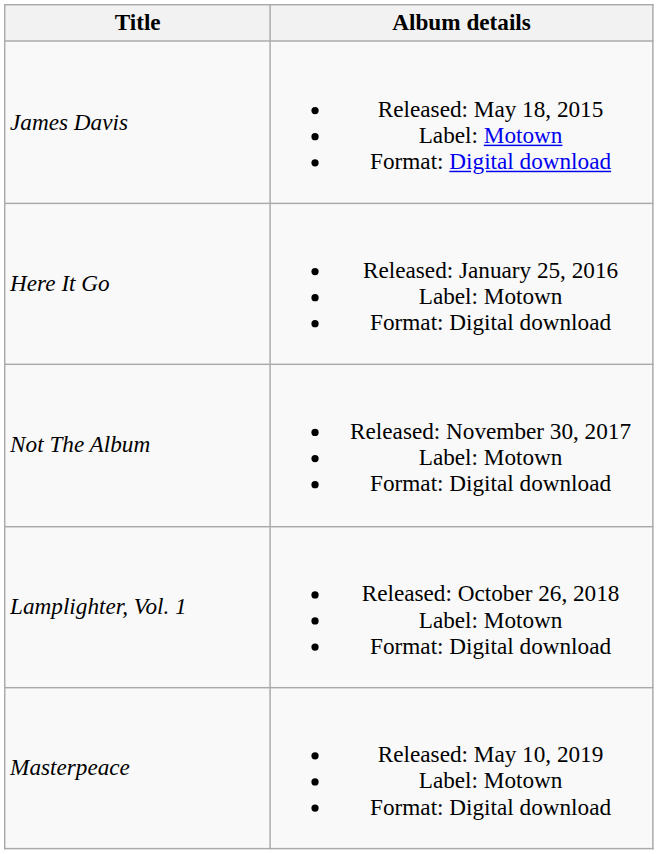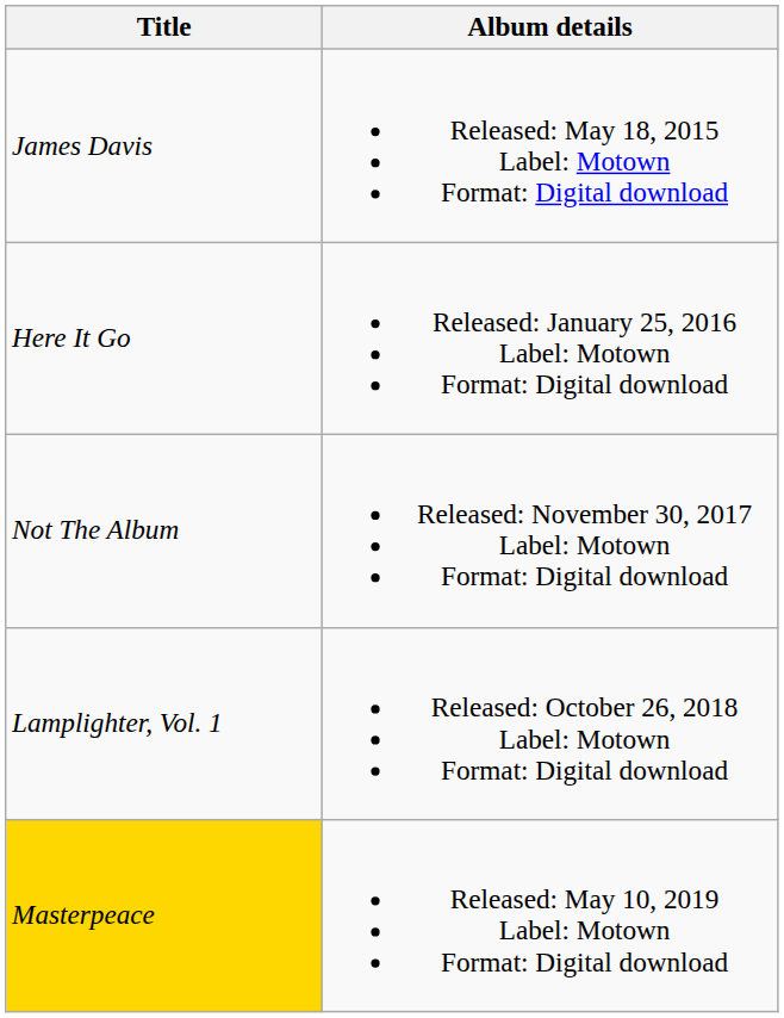 <table class="wikitable plainrowheaders" style="text-align:center;">
 <tr>
 <th scope="col" style="width:11em;">Title</th>
 <th scope="col" style="width:16em;">Album details</th>
 </tr>
 <tr>
 <td style="text-align:left;"><em>James Davis</em></td>
 <td><br><ul><li>Released: May 18, 2015</li><li>Label: <a href='#'>Motown</a></li><li>Format: <a href='#'>Digital download</a></li></ul></td>
 </tr>
 <tr>
 <td style="text-align:left;"><em>Here It Go</em></td>
 <td><br><ul><li>Released: January 25, 2016</li><li>Label: Motown</li><li>Format: Digital download</li></ul></td>
 </tr>
 <tr>
 <td style="text-align:left;"><em>Not The Album</em></td>
 <td><br><ul><li>Released: November 30, 2017</li><li>Label: Motown</li><li>Format: Digital download</li></ul></td>
 </tr>
 <tr>
 <td style="text-align:left;"><em>Lamplighter, Vol. 1</em></td>
 <td><br><ul><li>Released: October 26, 2018</li><li>Label: Motown</li><li>Format: Digital download</li></ul></td>
 </tr>
 <tr>
-<td style="text-align:left;"><em>Masterpeace</em></td>
+<td style="background: gold; text-align:left;"><em>Masterpeace</em></td>
 <td><br><ul><li>Released: May 10, 2019</li><li>Label: Motown</li><li>Format: Digital download</li></ul></td>
 </tr>
 </table>
